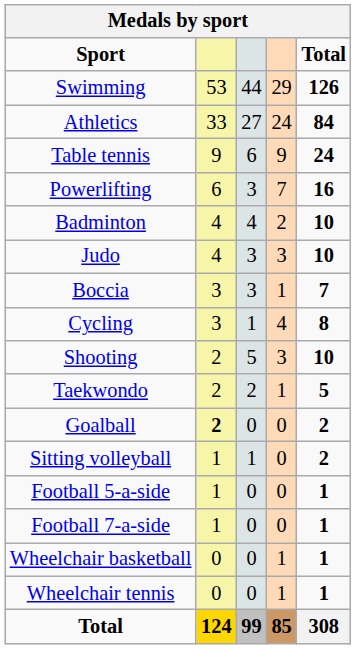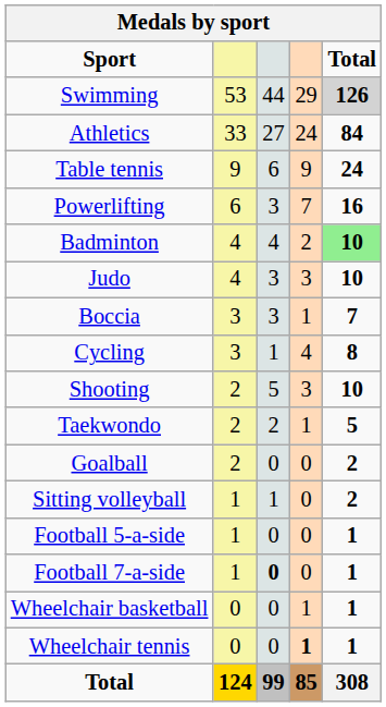 <table class="wikitable" style="font-size:85%; float:right;">
 <tr style="background:#efefef;">
 <th colspan=7>Medals by sport</th>
 </tr>
 <tr align=center>
 <td><strong>Sport</strong></td>
 <td bgcolor=#f7f6a8></td>
 <td bgcolor=#dce5e5></td>
 <td bgcolor=#ffdab9></td>
 <td><strong>Total</strong></td>
 </tr>
 <tr align=center>
 <td><a href='#'>Swimming</a></td>
 <td style="background:#F7F6A8;">53</td>
 <td style="background:#DCE5E5;">44</td>
 <td style="background:#FFDAB9;">29</td>
-<td><strong>126</strong></td>
+<td style="background: lightgrey;"><strong>126</strong></td>
 </tr>
 <tr align=center>
 <td><a href='#'>Athletics</a></td>
 <td style="background:#F7F6A8;">33</td>
 <td style="background:#DCE5E5;">27</td>
 <td style="background:#FFDAB9;">24</td>
 <td><strong>84</strong></td>
 </tr>
 <tr align=center>
 <td><a href='#'>Table tennis</a></td>
 <td style="background:#F7F6A8;">9</td>
 <td style="background:#DCE5E5;">6</td>
 <td style="background:#FFDAB9;">9</td>
 <td><strong>24</strong></td>
 </tr>
 <tr align=center>
 <td><a href='#'>Powerlifting</a></td>
 <td style="background:#F7F6A8;">6</td>
 <td style="background:#DCE5E5;">3</td>
 <td style="background:#FFDAB9;">7</td>
 <td><strong>16</strong></td>
 </tr>
 <tr align=center>
 <td><a href='#'>Badminton</a></td>
 <td style="background:#F7F6A8;">4</td>
 <td style="background:#DCE5E5;">4</td>
 <td style="background:#FFDAB9;">2</td>
-<td><strong>10</strong></td>
+<td style="background: lightgreen;"><strong>10</strong></td>
 </tr>
 <tr align=center>
 <td><a href='#'>Judo</a></td>
 <td style="background:#F7F6A8;">4</td>
 <td style="background:#DCE5E5;">3</td>
 <td style="background:#FFDAB9;">3</td>
 <td><strong>10</strong></td>
 </tr>
 <tr align=center>
 <td><a href='#'>Boccia</a></td>
 <td style="background:#F7F6A8;">3</td>
 <td style="background:#DCE5E5;">3</td>
 <td style="background:#FFDAB9;">1</td>
 <td><strong>7</strong></td>
 </tr>
 <tr align=center>
 <td><a href='#'>Cycling</a></td>
 <td style="background:#F7F6A8;">3</td>
 <td style="background:#DCE5E5;">1</td>
 <td style="background:#FFDAB9;">4</td>
 <td><strong>8</strong></td>
 </tr>
 <tr align=center>
 <td><a href='#'>Shooting</a></td>
 <td style="background:#F7F6A8;">2</td>
 <td style="background:#DCE5E5;">5</td>
 <td style="background:#FFDAB9;">3</td>
 <td><strong>10</strong></td>
 </tr>
 <tr align=center>
 <td><a href='#'>Taekwondo</a></td>
 <td style="background:#F7F6A8;">2</td>
 <td style="background:#DCE5E5;">2</td>
 <td style="background:#FFDAB9;">1</td>
 <td><strong>5</strong></td>
 </tr>
 <tr align=center>
 <td><a href='#'>Goalball</a></td>
-<td style="background:#F7F6A8;"><strong>2</strong></td>
+<td style="background:#F7F6A8;">2</td>
 <td style="background:#DCE5E5;">0</td>
 <td style="background:#FFDAB9;">0</td>
 <td><strong>2</strong></td>
 </tr>
 <tr align=center>
 <td><a href='#'>Sitting volleyball</a></td>
 <td style="background:#F7F6A8;">1</td>
 <td style="background:#DCE5E5;">1</td>
 <td style="background:#FFDAB9;">0</td>
 <td><strong>2</strong></td>
 </tr>
 <tr align=center>
 <td><a href='#'>Football 5-a-side</a></td>
 <td style="background:#F7F6A8;">1</td>
 <td style="background:#DCE5E5;">0</td>
 <td style="background:#FFDAB9;">0</td>
 <td><strong>1</strong></td>
 </tr>
 <tr align=center>
 <td><a href='#'>Football 7-a-side</a></td>
 <td style="background:#F7F6A8;">1</td>
-<td style="background:#DCE5E5;">0</td>
+<td style="background:#DCE5E5;"><strong>0</strong></td>
 <td style="background:#FFDAB9;">0</td>
 <td><strong>1</strong></td>
 </tr>
 <tr align=center>
 <td><a href='#'>Wheelchair basketball</a></td>
 <td style="background:#F7F6A8;">0</td>
 <td style="background:#DCE5E5;">0</td>
 <td style="background:#FFDAB9;">1</td>
 <td><strong>1</strong></td>
 </tr>
 <tr align=center>
 <td><a href='#'>Wheelchair tennis</a></td>
 <td style="background:#F7F6A8;">0</td>
 <td style="background:#DCE5E5;">0</td>
-<td style="background:#FFDAB9;">1</td>
+<td style="background:#FFDAB9;"><strong>1</strong></td>
 <td><strong>1</strong></td>
 </tr>
 <tr align=center>
 <td><strong>Total</strong></td>
 <th style="background:gold;">124</th>
 <th style="background:silver;">99</th>
 <th style="background:#c96;">85</th>
 <th>308</th>
 </tr>
 </table>
